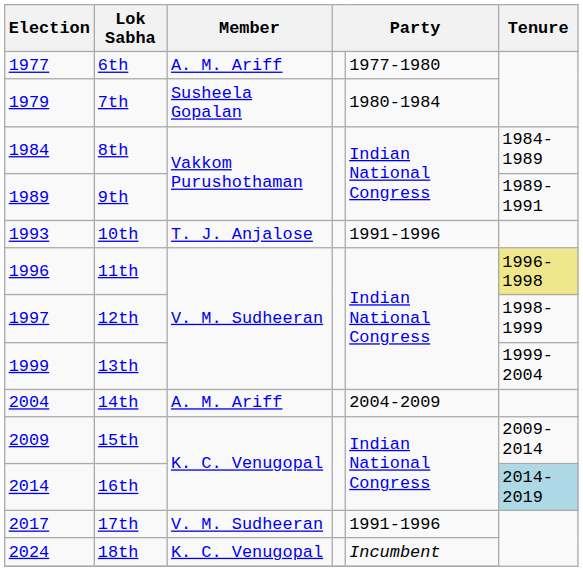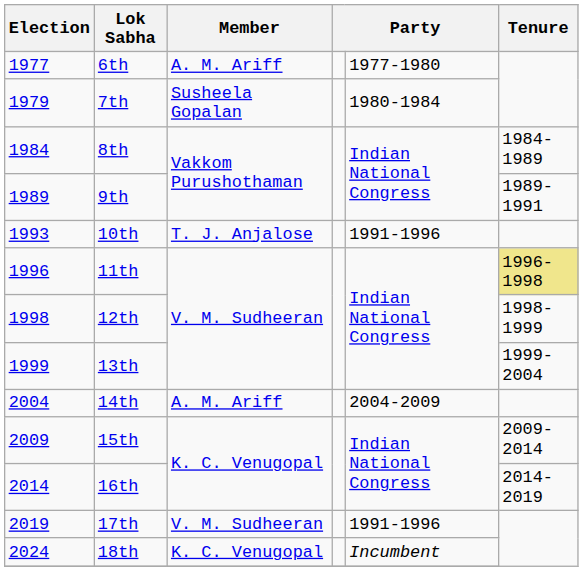 <table class="wikitable sortable" width="50%">
 <tr>
 <th>Election</th>
 <th>Lok Sabha</th>
 <th>Member</th>
 <th colspan="2">Party</th>
 <th>Tenure</th>
 </tr>
 <tr>
 <td><a href='#'>1977</a></td>
 <td><a href='#'>6th</a></td>
 <td><a href='#'>A. M. Ariff</a></td>
 <td></td>
 <td>1977-1980</td>
 </tr>
 <tr>
 <td><a href='#'>1979</a></td>
 <td><a href='#'>7th</a></td>
 <td><a href='#'>Susheela Gopalan</a></td>
 <td></td>
 <td>1980-1984</td>
 </tr>
 <tr>
 <td><a href='#'>1984</a></td>
 <td><a href='#'>8th</a></td>
 <td rowspan=2><a href='#'>Vakkom Purushothaman</a></td>
 <td rowspan="2" width="4px" style="background-color: "></td>
 <td rowspan=2><a href='#'>Indian National Congress</a></td>
 <td>1984-1989</td>
 </tr>
 <tr>
 <td><a href='#'>1989</a></td>
 <td><a href='#'>9th</a></td>
 <td>1989-1991</td>
 </tr>
 <tr>
 <td><a href='#'>1993</a></td>
 <td><a href='#'>10th</a></td>
 <td><a href='#'>T. J. Anjalose</a></td>
 <td></td>
 <td>1991-1996</td>
 </tr>
 <tr>
 <td><a href='#'>1996</a></td>
 <td><a href='#'>11th</a></td>
 <td rowspan=3><a href='#'>V. M. Sudheeran</a></td>
 <td rowspan="3" width="4px" style="background-color: "></td>
 <td rowspan=3><a href='#'>Indian National Congress</a></td>
 <td style="background: khaki;">1996-1998</td>
 </tr>
 <tr>
-<td><a href='#'>1997</a></td>
+<td><a href='#'>1998</a></td>
 <td><a href='#'>12th</a></td>
 <td>1998-1999</td>
 </tr>
 <tr>
 <td><a href='#'>1999</a></td>
 <td><a href='#'>13th</a></td>
 <td>1999-2004</td>
 </tr>
 <tr>
 <td><a href='#'>2004</a></td>
 <td><a href='#'>14th</a></td>
 <td><a href='#'>A. M. Ariff</a></td>
 <td></td>
 <td>2004-2009</td>
 </tr>
 <tr>
 <td><a href='#'>2009</a></td>
 <td><a href='#'>15th</a></td>
 <td rowspan=2><a href='#'>K. C. Venugopal</a></td>
 <td rowspan="2" width="4px" style="background-color: "></td>
 <td rowspan=2><a href='#'>Indian National Congress</a></td>
 <td>2009-2014</td>
 </tr>
 <tr>
 <td><a href='#'>2014</a></td>
 <td><a href='#'>16th</a></td>
-<td style="background: lightblue;">2014-2019</td>
+<td>2014-2019</td>
 </tr>
 <tr>
-<td><a href='#'>2017</a></td>
+<td><a href='#'>2019</a></td>
 <td><a href='#'>17th</a></td>
 <td><a href='#'>V. M. Sudheeran</a></td>
 <td></td>
 <td>1991-1996</td>
 </tr>
 <tr>
 <td><a href='#'>2024</a></td>
 <td><a href='#'>18th</a></td>
 <td><a href='#'>K. C. Venugopal</a></td>
 <td></td>
 <td><em>Incumbent</em></td>
 </tr>
 <tr>
 </tr>
 </table>
